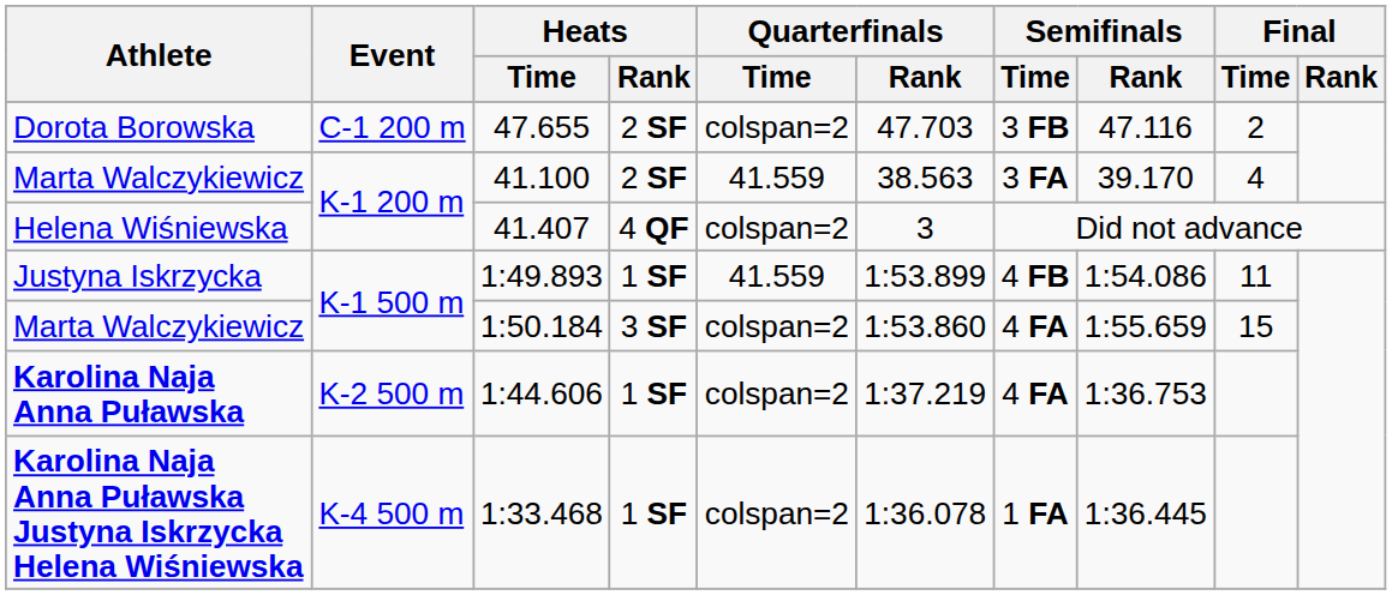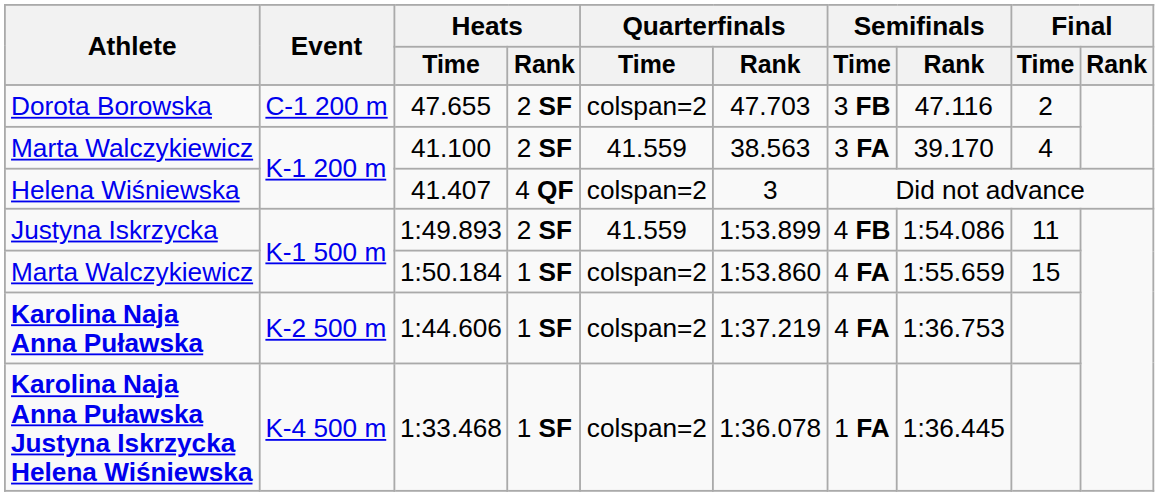 <table class="wikitable" style="text-align:center; font-size:90%">
 <tr>
 <th rowspan=2>Athlete</th>
 <th rowspan=2>Event</th>
 <th colspan=2>Heats</th>
 <th colspan=2>Quarterfinals</th>
 <th colspan=2>Semifinals</th>
 <th colspan=2>Final</th>
 </tr>
 <tr style="font-size:95%">
 <th>Time</th>
 <th>Rank</th>
 <th>Time</th>
 <th>Rank</th>
 <th>Time</th>
 <th>Rank</th>
 <th>Time</th>
 <th>Rank</th>
 </tr>
 <tr>
 <td align=left><a href='#'>Dorota Borowska</a></td>
 <td align=left><a href='#'>C-1 200 m</a></td>
 <td>47.655</td>
 <td>2 <strong>SF</strong></td>
 <td>colspan=2 </td>
 <td>47.703</td>
 <td>3 <strong>FB</strong></td>
 <td>47.116</td>
 <td>2</td>
 </tr>
 <tr>
 <td align=left><a href='#'>Marta Walczykiewicz</a></td>
 <td rowspan=2 align=left><a href='#'>K-1 200 m</a></td>
 <td>41.100</td>
 <td>2 <strong>SF</strong></td>
 <td>41.559</td>
 <td>38.563</td>
 <td>3 <strong>FA</strong></td>
 <td>39.170</td>
 <td>4</td>
 </tr>
 <tr>
 <td align=left><a href='#'>Helena Wiśniewska</a></td>
 <td>41.407</td>
 <td>4 <strong>QF</strong></td>
 <td>colspan=2 </td>
 <td>3</td>
 <td colspan=4>Did not advance</td>
 </tr>
 <tr>
 <td align=left><a href='#'>Justyna Iskrzycka</a></td>
 <td rowspan=2 align=left><a href='#'>K-1 500 m</a></td>
 <td>1:49.893</td>
-<td>1 <strong>SF</strong></td>
+<td>2 <strong>SF</strong></td>
 <td>41.559</td>
 <td>1:53.899</td>
 <td>4 <strong>FB</strong></td>
 <td>1:54.086</td>
 <td>11</td>
 </tr>
 <tr>
 <td align=left><a href='#'>Marta Walczykiewicz</a></td>
 <td>1:50.184</td>
-<td>3 <strong>SF</strong></td>
+<td>1 <strong>SF</strong></td>
 <td>colspan=2 </td>
 <td>1:53.860</td>
 <td>4 <strong>FA</strong></td>
 <td>1:55.659</td>
 <td>15</td>
 </tr>
 <tr>
 <td align=left><strong><a href='#'>Karolina Naja</a><br><a href='#'>Anna Puławska</a></strong></td>
 <td align=left><a href='#'>K-2 500 m</a></td>
 <td>1:44.606</td>
 <td>1 <strong>SF</strong></td>
 <td>colspan=2 </td>
 <td>1:37.219</td>
 <td>4 <strong>FA</strong></td>
 <td>1:36.753</td>
 <td></td>
 </tr>
 <tr>
 <td align=left><strong><a href='#'>Karolina Naja</a><br><a href='#'>Anna Puławska</a><br><a href='#'>Justyna Iskrzycka</a><br><a href='#'>Helena Wiśniewska</a></strong></td>
 <td align=left><a href='#'>K-4 500 m</a></td>
 <td>1:33.468</td>
 <td>1 <strong>SF</strong></td>
 <td>colspan=2 </td>
 <td>1:36.078</td>
 <td>1 <strong>FA</strong></td>
 <td>1:36.445</td>
 <td></td>
 </tr>
 </table>
